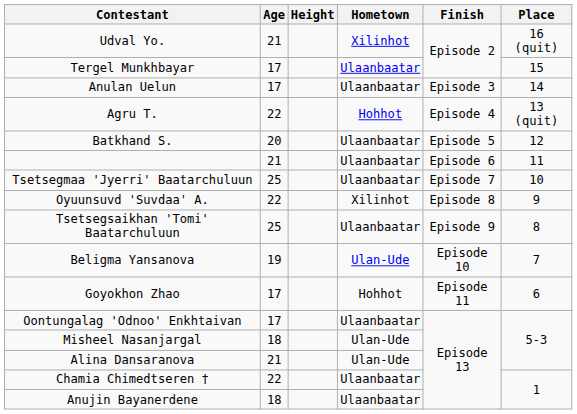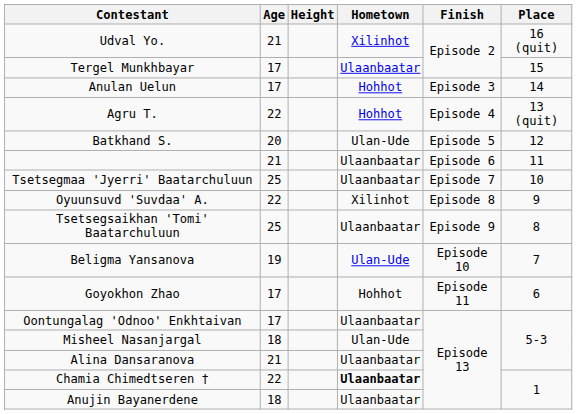 <table class="wikitable sortable" style="text-align:center;">
 <tr>
 <th>Contestant</th>
 <th>Age</th>
 <th>Height</th>
 <th>Hometown</th>
 <th>Finish</th>
 <th>Place</th>
 </tr>
 <tr>
 <td>Udval Yo.</td>
 <td>21</td>
 <td></td>
 <td><a href='#'>Xilinhot</a></td>
 <td rowspan="2">Episode 2</td>
 <td>16 (quit)</td>
 </tr>
 <tr>
 <td>Tergel Munkhbayar</td>
 <td>17</td>
 <td></td>
 <td><a href='#'>Ulaanbaatar</a></td>
 <td>15</td>
 </tr>
 <tr>
 <td>Anulan Uelun</td>
 <td>17</td>
 <td></td>
-<td>Ulaanbaatar</td>
+<td><a href='#'>Hohhot</a></td>
 <td>Episode 3</td>
 <td>14</td>
 </tr>
 <tr>
 <td>Agru T.</td>
 <td>22</td>
 <td></td>
 <td><a href='#'>Hohhot</a></td>
 <td>Episode 4</td>
 <td>13 (quit)</td>
 </tr>
 <tr>
 <td>Batkhand S.</td>
 <td>20</td>
 <td></td>
-<td>Ulaanbaatar</td>
+<td>Ulan-Ude</td>
 <td>Episode 5</td>
 <td>12</td>
 </tr>
 <tr>
 <td></td>
 <td>21</td>
 <td></td>
 <td>Ulaanbaatar</td>
 <td>Episode 6</td>
 <td>11</td>
 </tr>
 <tr>
 <td>Tsetsegmaa 'Jyerri' Baatarchuluun</td>
 <td>25</td>
 <td></td>
 <td>Ulaanbaatar</td>
 <td>Episode 7</td>
 <td>10</td>
 </tr>
 <tr>
 <td>Oyuunsuvd 'Suvdaa' A.</td>
 <td>22</td>
 <td></td>
 <td>Xilinhot</td>
 <td>Episode 8</td>
 <td>9</td>
 </tr>
 <tr>
 <td>Tsetsegsaikhan 'Tomi' Baatarchuluun</td>
 <td>25</td>
 <td></td>
 <td>Ulaanbaatar</td>
 <td>Episode 9</td>
 <td>8</td>
 </tr>
 <tr>
 <td>Beligma Yansanova</td>
 <td>19</td>
 <td></td>
 <td><a href='#'>Ulan-Ude</a></td>
 <td>Episode 10</td>
 <td>7</td>
 </tr>
 <tr>
 <td>Goyokhon Zhao</td>
 <td>17</td>
 <td></td>
 <td>Hohhot</td>
 <td>Episode 11</td>
 <td>6</td>
 </tr>
 <tr>
 <td>Oontungalag 'Odnoo' Enkhtaivan</td>
 <td>17</td>
 <td></td>
 <td>Ulaanbaatar</td>
 <td rowspan="5">Episode 13</td>
 <td rowspan="3">5-3</td>
 </tr>
 <tr>
 <td>Misheel Nasanjargal</td>
 <td>18</td>
 <td></td>
 <td>Ulan-Ude</td>
 </tr>
 <tr>
 <td>Alina Dansaranova</td>
 <td>21</td>
 <td></td>
-<td>Ulan-Ude</td>
+<td>Ulaanbaatar</td>
 </tr>
 <tr>
 <td>Chamia Chimedtseren † </td>
 <td>22</td>
 <td></td>
-<td>Ulaanbaatar</td>
+<td><strong>Ulaanbaatar</strong></td>
 <td rowspan="2">1</td>
 </tr>
 <tr>
 <td>Anujin Bayanerdene</td>
 <td>18</td>
 <td></td>
 <td>Ulaanbaatar</td>
 </tr>
 </table>
